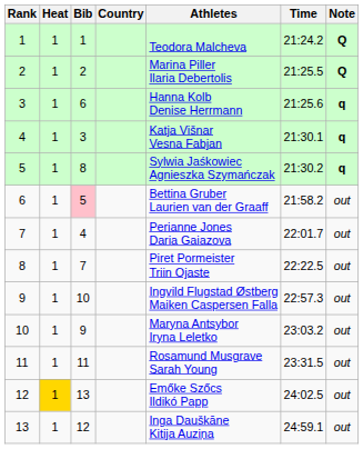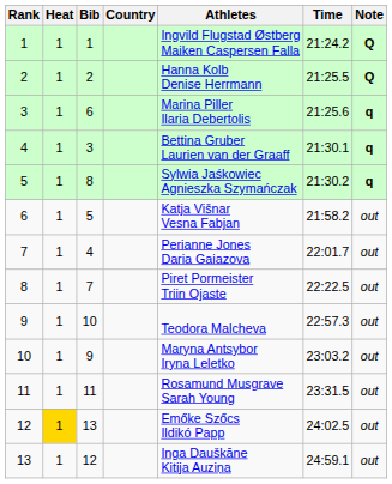 <table class="wikitable sortable" style="text-align:center">
 <tr>
 <th>Rank</th>
 <th>Heat</th>
 <th>Bib</th>
 <th>Country</th>
 <th>Athletes</th>
 <th>Time</th>
 <th>Note</th>
 </tr>
 <tr bgcolor=ccffcc>
 <td>1</td>
 <td>1</td>
 <td>1</td>
 <td align=left></td>
-<td align=left><br><a href='#'>Teodora Malcheva</a></td>
+<td align=left><a href='#'>Ingvild Flugstad Østberg</a><br><a href='#'>Maiken Caspersen Falla</a></td>
 <td>21:24.2</td>
 <td><strong>Q</strong></td>
 </tr>
 <tr bgcolor=ccffcc>
 <td>2</td>
 <td>1</td>
 <td>2</td>
 <td align=left></td>
-<td align=left><a href='#'>Marina Piller</a><br><a href='#'>Ilaria Debertolis</a></td>
+<td align=left><a href='#'>Hanna Kolb</a><br><a href='#'>Denise Herrmann</a></td>
 <td>21:25.5</td>
 <td><strong>Q</strong></td>
 </tr>
 <tr bgcolor=ccffcc>
 <td>3</td>
 <td>1</td>
 <td>6</td>
 <td align=left></td>
-<td align=left><a href='#'>Hanna Kolb</a><br><a href='#'>Denise Herrmann</a></td>
+<td align=left><a href='#'>Marina Piller</a><br><a href='#'>Ilaria Debertolis</a></td>
 <td>21:25.6</td>
 <td><strong>q</strong></td>
 </tr>
 <tr bgcolor=ccffcc>
 <td>4</td>
 <td>1</td>
 <td>3</td>
 <td align=left></td>
-<td align=left><a href='#'>Katja Višnar</a><br><a href='#'>Vesna Fabjan</a></td>
+<td align=left><a href='#'>Bettina Gruber</a><br><a href='#'>Laurien van der Graaff</a></td>
 <td>21:30.1</td>
 <td><strong>q</strong></td>
 </tr>
 <tr bgcolor=ccffcc>
 <td>5</td>
 <td>1</td>
 <td>8</td>
 <td align=left></td>
 <td align=left><a href='#'>Sylwia Jaśkowiec</a><br><a href='#'>Agnieszka Szymańczak</a></td>
 <td>21:30.2</td>
 <td><strong>q</strong></td>
 </tr>
 <tr>
 <td>6</td>
 <td>1</td>
-<td style="background: pink;">5</td>
+<td>5</td>
 <td align=left></td>
-<td align=left><a href='#'>Bettina Gruber</a><br><a href='#'>Laurien van der Graaff</a></td>
+<td align=left><a href='#'>Katja Višnar</a><br><a href='#'>Vesna Fabjan</a></td>
 <td>21:58.2</td>
 <td><em>out</em></td>
 </tr>
 <tr>
 <td>7</td>
 <td>1</td>
 <td>4</td>
 <td align=left></td>
 <td align=left><a href='#'>Perianne Jones</a><br><a href='#'>Daria Gaiazova</a></td>
 <td>22:01.7</td>
 <td><em>out</em></td>
 </tr>
 <tr>
 <td>8</td>
 <td>1</td>
 <td>7</td>
 <td align=left></td>
 <td align=left><a href='#'>Piret Pormeister</a><br><a href='#'>Triin Ojaste</a></td>
 <td>22:22.5</td>
 <td><em>out</em></td>
 </tr>
 <tr>
 <td>9</td>
 <td>1</td>
 <td>10</td>
 <td align=left></td>
-<td align=left><a href='#'>Ingvild Flugstad Østberg</a><br><a href='#'>Maiken Caspersen Falla</a></td>
+<td align=left><br><a href='#'>Teodora Malcheva</a></td>
 <td>22:57.3</td>
 <td><em>out</em></td>
 </tr>
 <tr>
 <td>10</td>
 <td>1</td>
 <td>9</td>
 <td align=left></td>
 <td align=left><a href='#'>Maryna Antsybor</a><br><a href='#'>Iryna Leletko</a></td>
 <td>23:03.2</td>
 <td><em>out</em></td>
 </tr>
 <tr>
 <td>11</td>
 <td>1</td>
 <td>11</td>
 <td align=left></td>
 <td align=left><a href='#'>Rosamund Musgrave</a><br><a href='#'>Sarah Young</a></td>
 <td>23:31.5</td>
 <td><em>out</em></td>
 </tr>
 <tr>
 <td>12</td>
 <td style="background: gold;">1</td>
 <td>13</td>
 <td align=left></td>
 <td align=left><a href='#'>Emőke Szőcs</a><br><a href='#'>Ildikó Papp</a></td>
 <td>24:02.5</td>
 <td><em>out</em></td>
 </tr>
 <tr>
 <td>13</td>
 <td>1</td>
 <td>12</td>
 <td align=left></td>
 <td align=left><a href='#'>Inga Dauškāne</a><br><a href='#'>Kitija Auziņa</a></td>
 <td>24:59.1</td>
 <td><em>out</em></td>
 </tr>
 </table>
